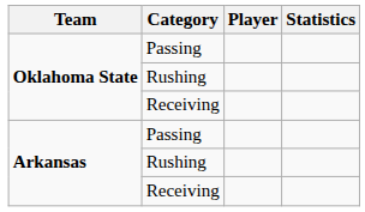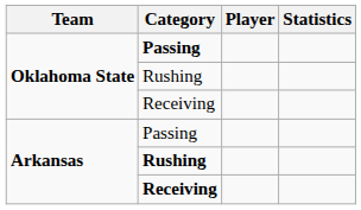 <table class="wikitable" style="float: right;">
 <tr>
 <th>Team</th>
 <th>Category</th>
 <th>Player</th>
 <th>Statistics</th>
 </tr>
 <tr>
 <td rowspan=3><strong>Oklahoma State</strong></td>
-<td>Passing</td>
+<td><strong>Passing</strong></td>
 <td></td>
 <td></td>
 </tr>
 <tr>
 <td>Rushing</td>
 <td></td>
 <td></td>
 </tr>
 <tr>
 <td>Receiving</td>
 <td></td>
 <td></td>
 </tr>
 <tr>
 <td rowspan=3><strong>Arkansas</strong></td>
 <td>Passing</td>
 <td></td>
 <td></td>
 </tr>
 <tr>
-<td>Rushing</td>
+<td><strong>Rushing</strong></td>
 <td></td>
 <td></td>
 </tr>
 <tr>
-<td>Receiving</td>
+<td><strong>Receiving</strong></td>
 <td></td>
 <td></td>
 </tr>
 </table>
